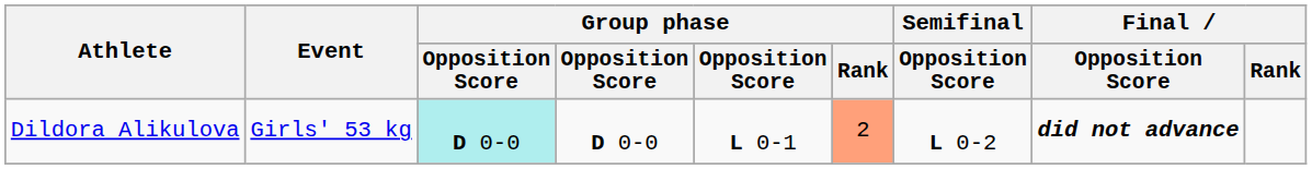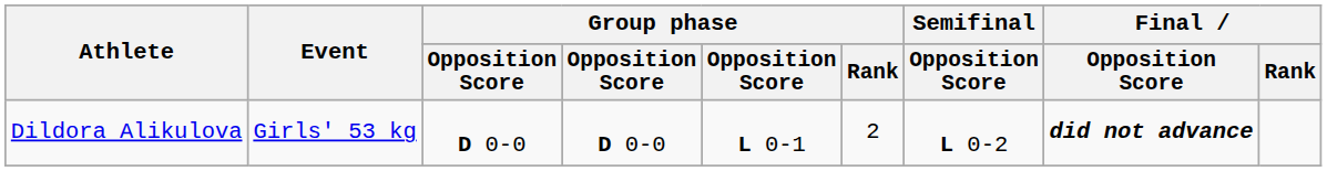 <table class="wikitable" style="font-size:90%">
 <tr>
 <th rowspan="2">Athlete</th>
 <th rowspan="2">Event</th>
 <th colspan="4">Group phase</th>
 <th>Semifinal</th>
 <th colspan=2>Final / </th>
 </tr>
 <tr style="font-size:95%">
 <th>Opposition <br> Score</th>
 <th>Opposition <br> Score</th>
 <th>Opposition <br> Score</th>
 <th>Rank</th>
 <th>Opposition <br> Score</th>
 <th>Opposition <br> Score</th>
 <th>Rank</th>
 </tr>
 <tr align=center>
 <td align=left><a href='#'>Dildora Alikulova</a></td>
 <td align=left><a href='#'>Girls' 53 kg</a></td>
-<td style="background: paleturquoise;"><br><strong>D</strong> 0-0</td>
+<td><br><strong>D</strong> 0-0</td>
 <td><br><strong>D</strong> 0-0</td>
 <td><br><strong>L</strong> 0-1</td>
-<td style="background: lightsalmon;">2</td>
+<td>2</td>
 <td><br><strong>L</strong> 0-2</td>
 <td><strong><em>did not advance</em></strong></td>
 <td></td>
 </tr>
 </table>
